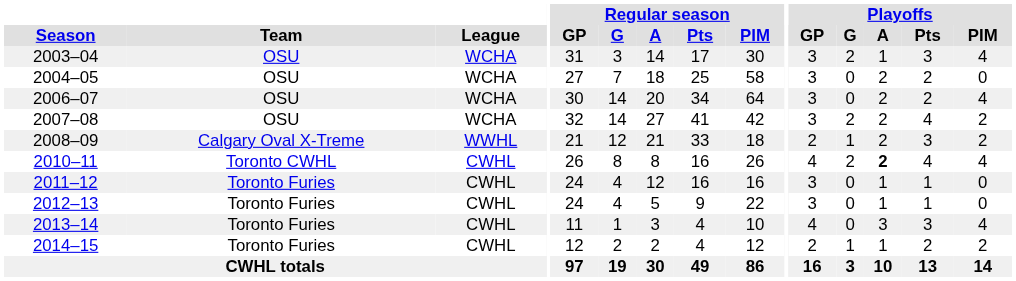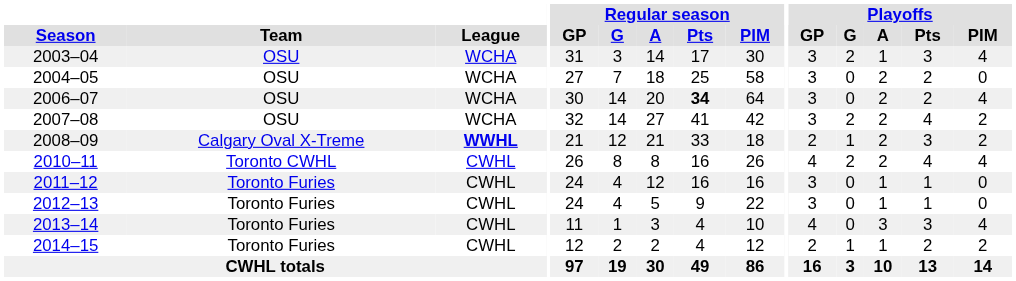 <table border="0" cellpadding="1" cellspacing="0" style="text-align:center; width:60em">
 <tr bgcolor="#e0e0e0">
 <th colspan="3" bgcolor="#ffffff"></th>
 <th rowspan="101" bgcolor="#ffffff"></th>
 <th colspan="5"><a href='#'>Regular season</a></th>
 <th rowspan="101" bgcolor="#ffffff"></th>
 <th colspan="5"><a href='#'>Playoffs</a></th>
 </tr>
 <tr bgcolor="#e0e0e0">
 <th><a href='#'>Season</a></th>
 <th>Team</th>
 <th>League</th>
 <th>GP</th>
 <th><a href='#'>G</a></th>
 <th><a href='#'>A</a></th>
 <th><a href='#'>Pts</a></th>
 <th><a href='#'>PIM</a></th>
 <th>GP</th>
 <th>G</th>
 <th>A</th>
 <th>Pts</th>
 <th>PIM</th>
 </tr>
 <tr style="background:#f0f0f0;">
 <td>2003–04</td>
 <td><a href='#'>OSU</a></td>
 <td><a href='#'>WCHA</a></td>
 <td>31</td>
 <td>3</td>
 <td>14</td>
 <td>17</td>
 <td>30</td>
 <td>3</td>
 <td>2</td>
 <td>1</td>
 <td>3</td>
 <td>4</td>
 </tr>
 <tr>
 <td>2004–05</td>
 <td>OSU</td>
 <td>WCHA</td>
 <td>27</td>
 <td>7</td>
 <td>18</td>
 <td>25</td>
 <td>58</td>
 <td>3</td>
 <td>0</td>
 <td>2</td>
 <td>2</td>
 <td>0</td>
 </tr>
 <tr style="background:#f0f0f0;">
 <td>2006–07</td>
 <td>OSU</td>
 <td>WCHA</td>
 <td>30</td>
 <td>14</td>
 <td>20</td>
-<td>34</td>
+<td><strong>34</strong></td>
 <td>64</td>
 <td>3</td>
 <td>0</td>
 <td>2</td>
 <td>2</td>
 <td>4</td>
 </tr>
 <tr>
 <td>2007–08</td>
 <td>OSU</td>
 <td>WCHA</td>
 <td>32</td>
 <td>14</td>
 <td>27</td>
 <td>41</td>
 <td>42</td>
 <td>3</td>
 <td>2</td>
 <td>2</td>
 <td>4</td>
 <td>2</td>
 </tr>
 <tr bgcolor="#f0f0f0">
 <td>2008–09</td>
 <td><a href='#'>Calgary Oval X-Treme</a></td>
-<td><a href='#'>WWHL</a></td>
+<td><strong><a href='#'>WWHL</a></strong></td>
 <td>21</td>
 <td>12</td>
 <td>21</td>
 <td>33</td>
 <td>18</td>
 <td>2</td>
 <td>1</td>
 <td>2</td>
 <td>3</td>
 <td>2</td>
 </tr>
 <tr>
 <td><a href='#'>2010–11</a></td>
 <td><a href='#'>Toronto CWHL</a></td>
 <td><a href='#'>CWHL</a></td>
 <td>26</td>
 <td>8</td>
 <td>8</td>
 <td>16</td>
 <td>26</td>
 <td>4</td>
 <td>2</td>
-<td><strong>2</strong></td>
+<td>2</td>
 <td>4</td>
 <td>4</td>
 </tr>
 <tr bgcolor="#f0f0f0">
 <td><a href='#'>2011–12</a></td>
 <td><a href='#'>Toronto Furies</a></td>
 <td>CWHL</td>
 <td>24</td>
 <td>4</td>
 <td>12</td>
 <td>16</td>
 <td>16</td>
 <td>3</td>
 <td>0</td>
 <td>1</td>
 <td>1</td>
 <td>0</td>
 </tr>
 <tr>
 <td><a href='#'>2012–13</a></td>
 <td>Toronto Furies</td>
 <td>CWHL</td>
 <td>24</td>
 <td>4</td>
 <td>5</td>
 <td>9</td>
 <td>22</td>
 <td>3</td>
 <td>0</td>
 <td>1</td>
 <td>1</td>
 <td>0</td>
 </tr>
 <tr bgcolor="#f0f0f0">
 <td><a href='#'>2013–14</a></td>
 <td>Toronto Furies</td>
 <td>CWHL</td>
 <td>11</td>
 <td>1</td>
 <td>3</td>
 <td>4</td>
 <td>10</td>
 <td>4</td>
 <td>0</td>
 <td>3</td>
 <td>3</td>
 <td>4</td>
 </tr>
 <tr>
 <td><a href='#'>2014–15</a></td>
 <td>Toronto Furies</td>
 <td>CWHL</td>
 <td>12</td>
 <td>2</td>
 <td>2</td>
 <td>4</td>
 <td>12</td>
 <td>2</td>
 <td>1</td>
 <td>1</td>
 <td>2</td>
 <td>2</td>
 </tr>
 <tr bgcolor="#f0f0f0">
 <th colspan="3">CWHL totals</th>
 <th>97</th>
 <th>19</th>
 <th>30</th>
 <th>49</th>
 <th>86</th>
 <th>16</th>
 <th>3</th>
 <th>10</th>
 <th>13</th>
 <th>14</th>
 </tr>
 </table>
